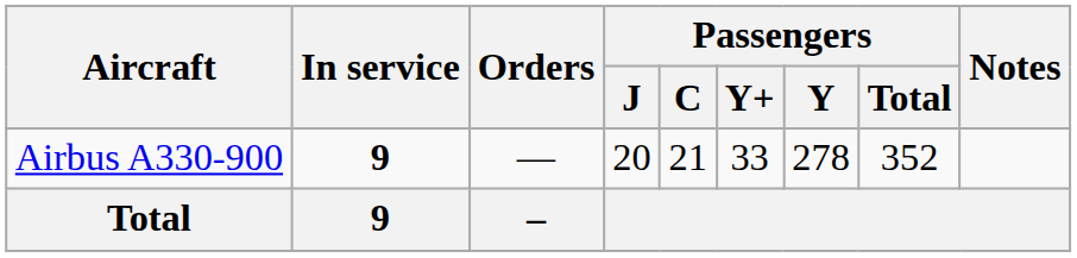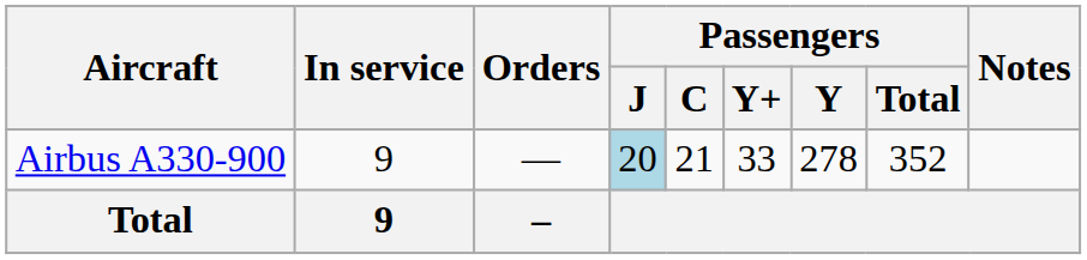 <table class="wikitable" style="margin:0.5em auto; text-align:center">
 <tr>
 <th rowspan=2>Aircraft</th>
 <th rowspan=2>In service</th>
 <th rowspan=2>Orders</th>
 <th colspan=5>Passengers</th>
 <th rowspan=2>Notes</th>
 </tr>
 <tr>
 <th><abbr>J</abbr></th>
 <th><abbr>C</abbr></th>
 <th><abbr>Y+</abbr></th>
 <th><abbr>Y</abbr></th>
 <th>Total</th>
 </tr>
 <tr>
 <td><a href='#'>Airbus A330-900</a></td>
-<td><strong>9</strong></td>
+<td>9</td>
 <td>—</td>
-<td>20</td>
+<td style="background: lightblue;">20</td>
 <td>21</td>
 <td>33</td>
 <td>278</td>
 <td>352</td>
 <td></td>
 </tr>
 <tr>
 <th>Total</th>
 <th>9</th>
 <th>–</th>
 <th colspan=6></th>
 </tr>
 </table>
